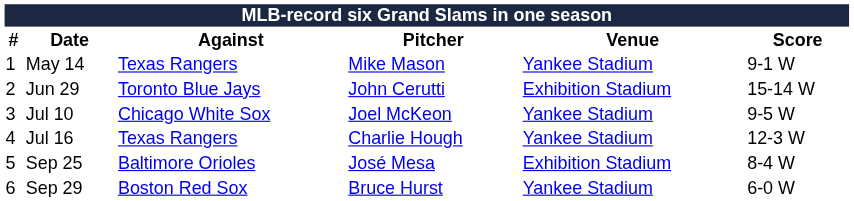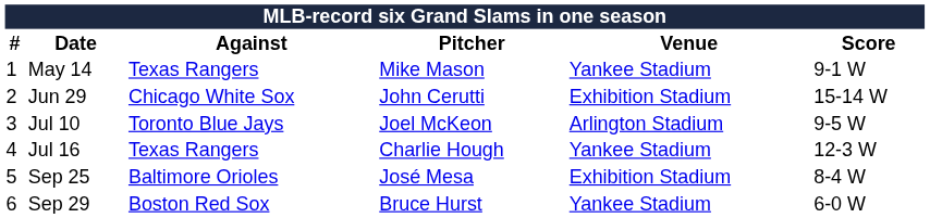 <table class="toccolours collapsible collapsed"  style="width:60%; clear:both; margin:1.5em auto; align:left;">
 <tr>
 <th style="background:#1c2841; color:white" colspan=6>MLB-record six Grand Slams in one season </th>
 </tr>
 <tr>
 <th>#</th>
 <th>Date</th>
 <th>Against</th>
 <th>Pitcher</th>
 <th>Venue</th>
 <th>Score</th>
 </tr>
 <tr>
 <td>1</td>
 <td>May 14</td>
 <td><a href='#'>Texas Rangers</a></td>
 <td><a href='#'>Mike Mason</a></td>
 <td><a href='#'>Yankee Stadium</a></td>
 <td>9-1 W</td>
 </tr>
 <tr>
 <td>2</td>
 <td>Jun 29</td>
-<td><a href='#'>Toronto Blue Jays</a></td>
+<td><a href='#'>Chicago White Sox</a></td>
 <td><a href='#'>John Cerutti</a></td>
 <td><a href='#'>Exhibition Stadium</a></td>
 <td>15-14 W</td>
 </tr>
 <tr>
 <td>3</td>
 <td>Jul 10</td>
-<td><a href='#'>Chicago White Sox</a></td>
+<td><a href='#'>Toronto Blue Jays</a></td>
 <td><a href='#'>Joel McKeon</a></td>
-<td><a href='#'>Yankee Stadium</a></td>
+<td><a href='#'>Arlington Stadium</a></td>
 <td>9-5 W</td>
 </tr>
 <tr>
 <td>4</td>
 <td>Jul 16</td>
 <td><a href='#'>Texas Rangers</a></td>
 <td><a href='#'>Charlie Hough</a></td>
 <td><a href='#'>Yankee Stadium</a></td>
 <td>12-3 W</td>
 </tr>
 <tr>
 <td>5</td>
 <td>Sep 25</td>
 <td><a href='#'>Baltimore Orioles</a></td>
 <td><a href='#'>José Mesa</a></td>
 <td><a href='#'>Exhibition Stadium</a></td>
 <td>8-4 W</td>
 </tr>
 <tr>
 <td>6</td>
 <td>Sep 29</td>
 <td><a href='#'>Boston Red Sox</a></td>
 <td><a href='#'>Bruce Hurst</a></td>
 <td><a href='#'>Yankee Stadium</a></td>
 <td>6-0 W</td>
 </tr>
 </table>
